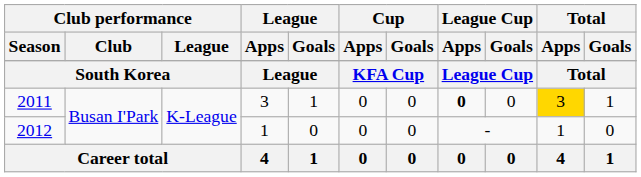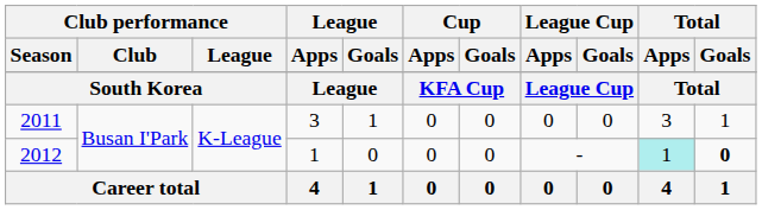 <table class="wikitable" style="text-align:center">
 <tr>
 <th colspan=3>Club performance</th>
 <th colspan=2>League</th>
 <th colspan=2>Cup</th>
 <th colspan=2>League Cup</th>
 <th colspan=2>Total</th>
 </tr>
 <tr>
 <th>Season</th>
 <th>Club</th>
 <th>League</th>
 <th>Apps</th>
 <th>Goals</th>
 <th>Apps</th>
 <th>Goals</th>
 <th>Apps</th>
 <th>Goals</th>
 <th>Apps</th>
 <th>Goals</th>
 </tr>
 <tr>
 </tr>
 <tr>
 <th colspan=3>South Korea</th>
 <th colspan=2>League</th>
 <th colspan=2><a href='#'>KFA Cup</a></th>
 <th colspan=2><a href='#'>League Cup</a></th>
 <th colspan=2>Total</th>
 </tr>
 <tr>
 <td><a href='#'>2011</a></td>
 <td rowspan="2"><a href='#'>Busan I'Park</a></td>
 <td rowspan="2"><a href='#'>K-League</a></td>
 <td>3</td>
 <td>1</td>
 <td>0</td>
 <td>0</td>
-<td><strong>0</strong></td>
 <td>0</td>
-<td style="background: gold;">3</td>
+<td>0</td>
+<td>3</td>
 <td>1</td>
 </tr>
 <tr>
 <td><a href='#'>2012</a></td>
 <td>1</td>
 <td>0</td>
 <td>0</td>
 <td>0</td>
 <td colspan="2">-</td>
-<td>1</td>
-<td>0</td>
+<td style="background: paleturquoise;">1</td>
+<td><strong>0</strong></td>
 </tr>
 <tr>
 <th colspan=3>Career total</th>
 <th>4</th>
 <th>1</th>
 <th>0</th>
 <th>0</th>
 <th>0</th>
 <th>0</th>
 <th>4</th>
 <th>1</th>
 </tr>
 </table>
